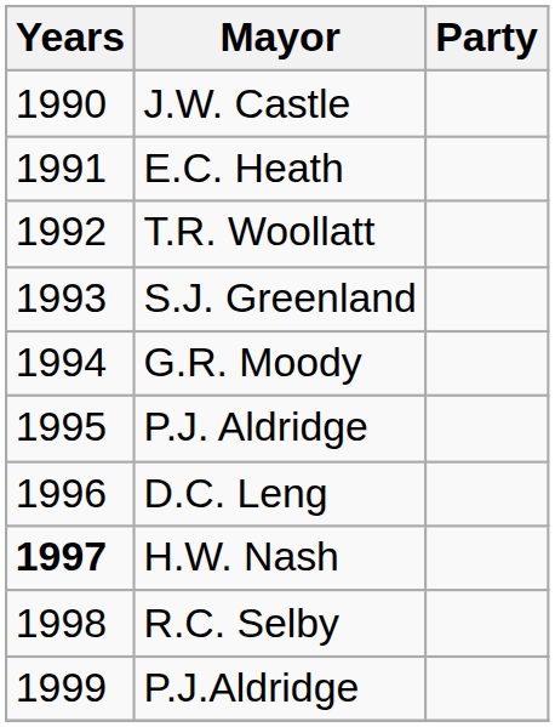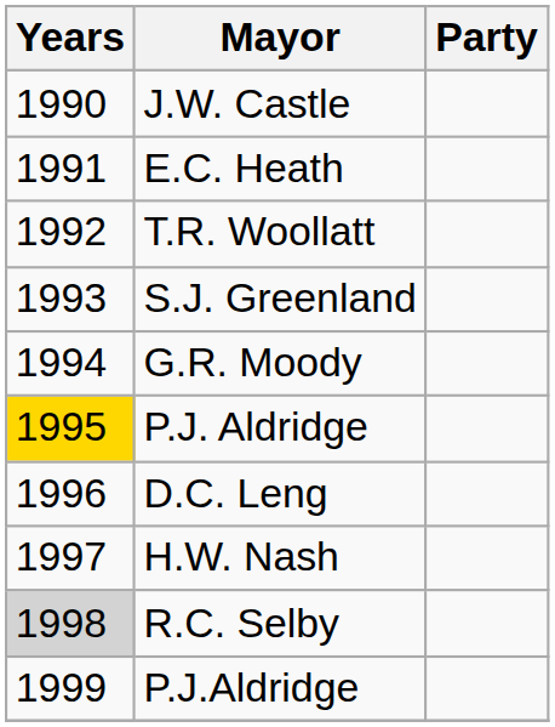 <table class="wikitable mw-collapsible">
 <tr>
 <th>Years</th>
 <th>Mayor</th>
 <th colspan=2>Party</th>
 </tr>
 <tr>
 <td>1990</td>
 <td>J.W. Castle</td>
 <td></td>
 </tr>
 <tr>
 <td>1991</td>
 <td>E.C. Heath</td>
 <td></td>
 </tr>
 <tr>
 <td>1992</td>
 <td>T.R. Woollatt</td>
 <td></td>
 </tr>
 <tr>
 <td>1993</td>
 <td>S.J. Greenland</td>
 <td></td>
 </tr>
 <tr>
 <td>1994</td>
 <td>G.R. Moody</td>
 <td></td>
 </tr>
 <tr>
-<td>1995</td>
+<td style="background: gold;">1995</td>
 <td>P.J. Aldridge</td>
 <td></td>
 </tr>
 <tr>
 <td>1996</td>
 <td>D.C. Leng</td>
 <td></td>
 </tr>
 <tr>
-<td><strong>1997</strong></td>
+<td>1997</td>
 <td>H.W. Nash</td>
 <td></td>
 </tr>
 <tr>
-<td>1998</td>
+<td style="background: lightgrey;">1998</td>
 <td>R.C. Selby</td>
 <td></td>
 </tr>
 <tr>
 <td>1999</td>
 <td>P.J.Aldridge</td>
 <td></td>
 </tr>
 <tr>
 </tr>
 </table>
